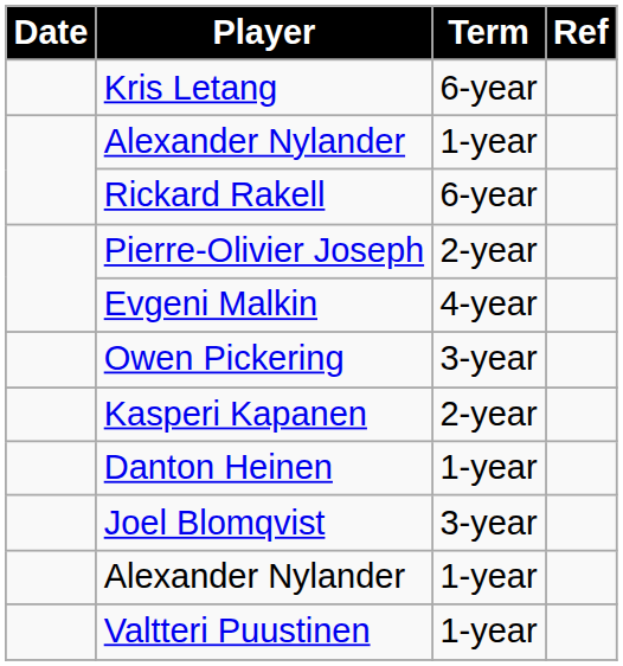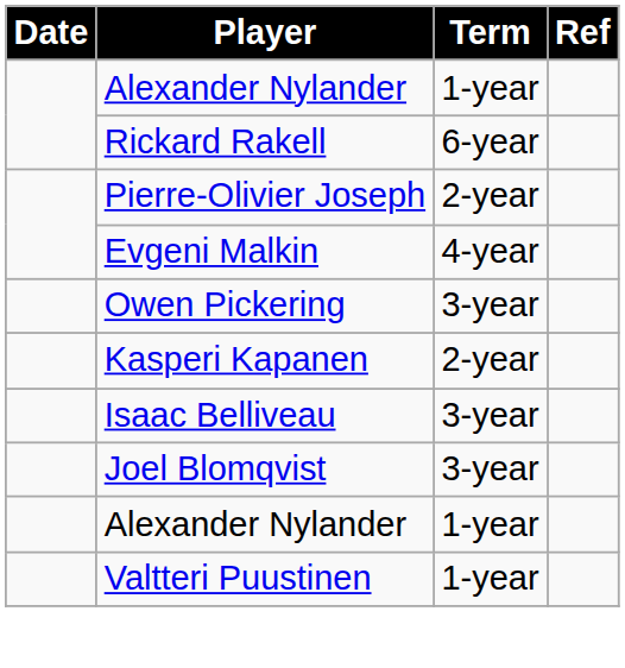 <table class="wikitable">
 <tr>
 <th style="color:white; background:#000000; ">Date</th>
 <th style="color:white; background:#000000; ">Player</th>
 <th style="color:white; background:#000000; ">Term</th>
 <th style="color:white; background:#000000; ">Ref</th>
-</tr>
-<tr>
-<td></td>
-<td><a href='#'>Kris Letang</a></td>
-<td>6-year</td>
-<td></td>
 </tr>
 <tr>
 <td rowspan=2></td>
 <td><a href='#'>Alexander Nylander</a></td>
 <td>1-year</td>
 <td></td>
 </tr>
 <tr>
 <td><a href='#'>Rickard Rakell</a></td>
 <td>6-year</td>
 <td></td>
 </tr>
 <tr>
 <td rowspan=2></td>
 <td><a href='#'>Pierre-Olivier Joseph</a></td>
 <td>2-year</td>
 <td></td>
 </tr>
 <tr>
 <td><a href='#'>Evgeni Malkin</a></td>
 <td>4-year</td>
 <td></td>
 </tr>
 <tr>
 <td></td>
 <td><a href='#'>Owen Pickering</a></td>
 <td>3-year</td>
 <td></td>
 </tr>
 <tr>
 <td></td>
 <td><a href='#'>Kasperi Kapanen</a></td>
 <td>2-year</td>
 <td></td>
 </tr>
 <tr>
 <td></td>
-<td><a href='#'>Danton Heinen</a></td>
-<td>1-year</td>
+<td><a href='#'>Isaac Belliveau</a></td>
+<td>3-year</td>
 <td></td>
 </tr>
 <tr>
 <td></td>
 <td><a href='#'>Joel Blomqvist</a></td>
 <td>3-year</td>
 <td></td>
 </tr>
 <tr>
 <td></td>
 <td>Alexander Nylander</td>
 <td>1-year</td>
 <td></td>
 </tr>
 <tr>
 <td></td>
 <td><a href='#'>Valtteri Puustinen</a></td>
 <td>1-year</td>
 <td></td>
 </tr>
 </table>
